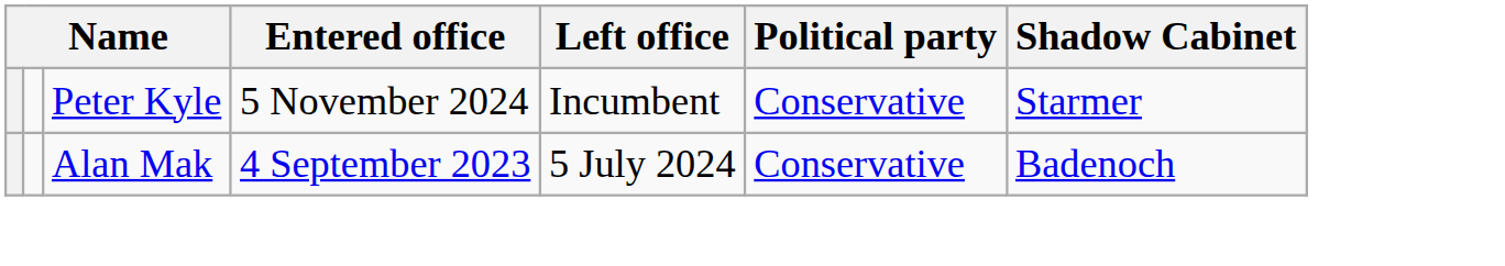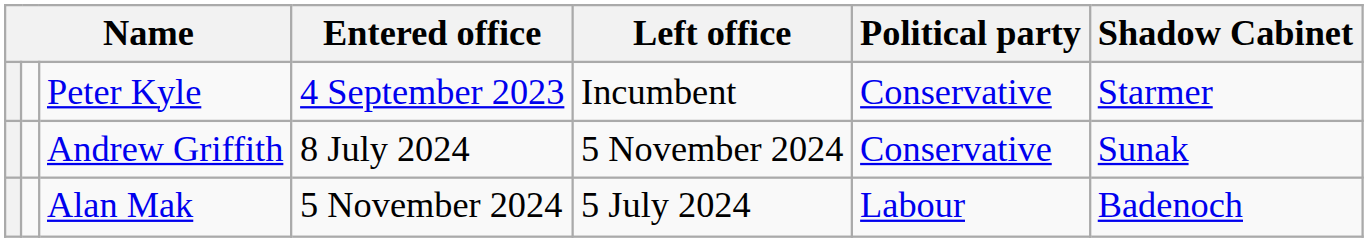 <table class="wikitable">
 <tr>
 <th colspan="3">Name</th>
 <th>Entered office</th>
 <th>Left office</th>
 <th>Political party</th>
 <th>Shadow Cabinet</th>
 </tr>
 <tr>
 <th style="background-color: "></th>
 <td></td>
 <td><a href='#'>Peter Kyle</a></td>
-<td>5 November 2024</td>
+<td><a href='#'>4 September 2023</a></td>
 <td>Incumbent</td>
 <td><a href='#'>Conservative</a></td>
 <td><a href='#'>Starmer</a></td>
 </tr>
 <tr>
 <th style="background-color: "></th>
 <td></td>
+<td><a href='#'>Andrew Griffith</a></td>
+<td>8 July 2024</td>
+<td>5 November 2024</td>
+<td><a href='#'>Conservative</a></td>
+<td><a href='#'>Sunak</a></td>
+</tr>
+<tr>
+<th style="background-color: "></th>
+<td></td>
 <td><a href='#'>Alan Mak</a></td>
-<td><a href='#'>4 September 2023</a></td>
+<td>5 November 2024</td>
 <td>5 July 2024</td>
-<td><a href='#'>Conservative</a></td>
+<td><a href='#'>Labour</a></td>
 <td><a href='#'>Badenoch</a></td>
 </tr>
 </table>
